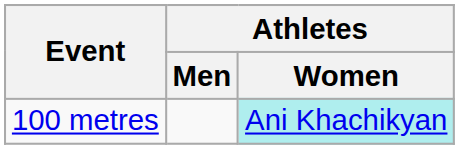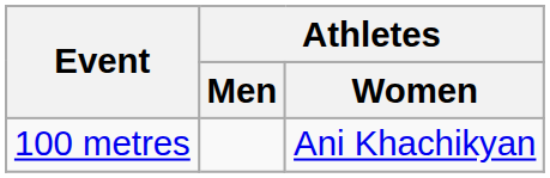 <table class=wikitable style="font-size:90%">
 <tr>
 <th rowspan=2>Event</th>
 <th colspan=2>Athletes</th>
 </tr>
 <tr>
 <th>Men</th>
 <th>Women</th>
 </tr>
 <tr>
 <td><a href='#'>100 metres</a></td>
 <td></td>
-<td style="background: paleturquoise;"><a href='#'>Ani Khachikyan</a></td>
+<td><a href='#'>Ani Khachikyan</a></td>
 </tr>
 </table>
